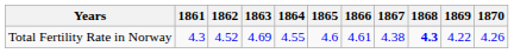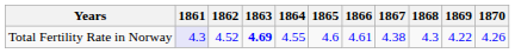 <table class="wikitable " style="text-align:right">
 <tr>
 <th>Years</th>
 <th>1861</th>
 <th>1862</th>
 <th>1863</th>
 <th>1864</th>
 <th>1865</th>
 <th>1866</th>
 <th>1867</th>
 <th>1868</th>
 <th>1869</th>
 <th>1870</th>
 </tr>
 <tr>
 <td align="left">Total Fertility Rate in Norway</td>
-<td style="text-align:right; color:blue;">4.3</td>
+<td style="background: lavender; text-align:right; color:blue;">4.3</td>
 <td style="text-align:right; color:blue;">4.52</td>
-<td style="text-align:right; color:blue;">4.69</td>
+<td style="text-align:right; color:blue;"><strong>4.69</strong></td>
 <td style="text-align:right; color:blue;">4.55</td>
 <td style="text-align:right; color:blue;">4.6</td>
 <td style="text-align:right; color:blue;">4.61</td>
 <td style="text-align:right; color:blue;">4.38</td>
-<td style="text-align:right; color:blue;"><strong>4.3</strong></td>
+<td style="text-align:right; color:blue;">4.3</td>
 <td style="text-align:right; color:blue;">4.22</td>
 <td style="text-align:right; color:blue;">4.26</td>
 </tr>
 </table>
